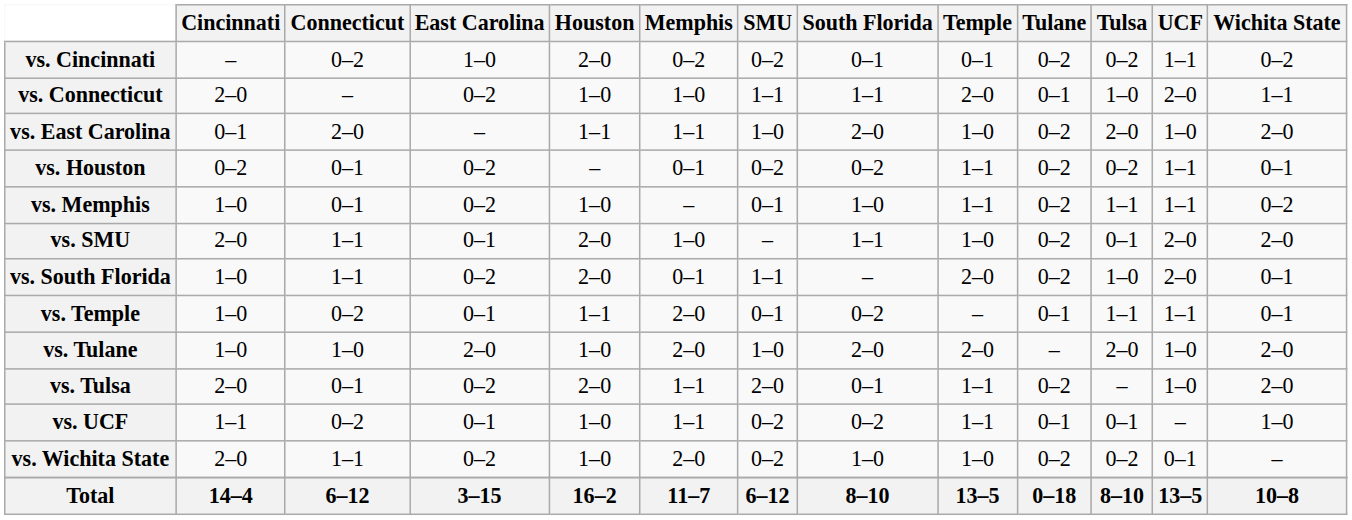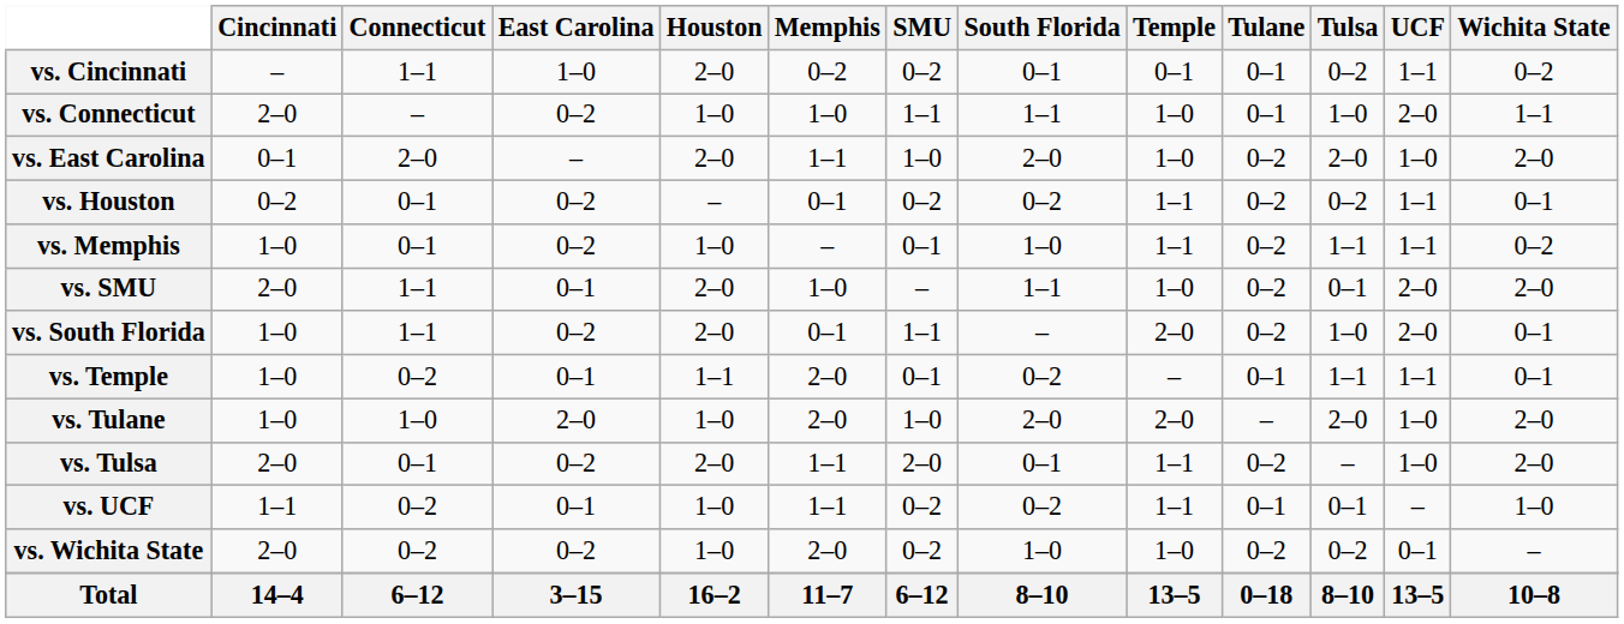 <table class="wikitable" style="white-space:nowrap;font-size:90%;">
 <tr>
 <th colspan=1 style="background:white; border-top-style:hidden; border-left-style:hidden;"   width=75> </th>
 <th>Cincinnati</th>
 <th>Connecticut</th>
 <th>East Carolina</th>
 <th>Houston</th>
 <th>Memphis</th>
 <th>SMU</th>
 <th>South Florida</th>
 <th>Temple</th>
 <th>Tulane</th>
 <th>Tulsa</th>
 <th>UCF</th>
 <th>Wichita State</th>
 </tr>
 <tr style="text-align:center;">
 <th>vs. Cincinnati</th>
 <td>–</td>
-<td>0–2</td>
+<td>1–1</td>
 <td>1–0</td>
 <td>2–0</td>
 <td>0–2</td>
 <td>0–2</td>
 <td>0–1</td>
 <td>0–1</td>
-<td>0–2</td>
+<td>0–1</td>
 <td>0–2</td>
 <td>1–1</td>
 <td>0–2</td>
 </tr>
 <tr style="text-align:center;">
 <th>vs. Connecticut</th>
 <td>2–0</td>
 <td>–</td>
 <td>0–2</td>
 <td>1–0</td>
 <td>1–0</td>
 <td>1–1</td>
 <td>1–1</td>
-<td>2–0</td>
+<td>1–0</td>
 <td>0–1</td>
 <td>1–0</td>
 <td>2–0</td>
 <td>1–1</td>
 </tr>
 <tr style="text-align:center;">
 <th>vs. East Carolina</th>
 <td>0–1</td>
 <td>2–0</td>
 <td>–</td>
-<td>1–1</td>
+<td>2–0</td>
 <td>1–1</td>
 <td>1–0</td>
 <td>2–0</td>
 <td>1–0</td>
 <td>0–2</td>
 <td>2–0</td>
 <td>1–0</td>
 <td>2–0</td>
 </tr>
 <tr style="text-align:center;">
 <th>vs. Houston</th>
 <td>0–2</td>
 <td>0–1</td>
 <td>0–2</td>
 <td>–</td>
 <td>0–1</td>
 <td>0–2</td>
 <td>0–2</td>
 <td>1–1</td>
 <td>0–2</td>
 <td>0–2</td>
 <td>1–1</td>
 <td>0–1</td>
 </tr>
 <tr style="text-align:center;">
 <th>vs. Memphis</th>
 <td>1–0</td>
 <td>0–1</td>
 <td>0–2</td>
 <td>1–0</td>
 <td>–</td>
 <td>0–1</td>
 <td>1–0</td>
 <td>1–1</td>
 <td>0–2</td>
 <td>1–1</td>
 <td>1–1</td>
 <td>0–2</td>
 </tr>
 <tr style="text-align:center;">
 <th>vs. SMU</th>
 <td>2–0</td>
 <td>1–1</td>
 <td>0–1</td>
 <td>2–0</td>
 <td>1–0</td>
 <td>–</td>
 <td>1–1</td>
 <td>1–0</td>
 <td>0–2</td>
 <td>0–1</td>
 <td>2–0</td>
 <td>2–0</td>
 </tr>
 <tr style="text-align:center;">
 <th>vs. South Florida</th>
 <td>1–0</td>
 <td>1–1</td>
 <td>0–2</td>
 <td>2–0</td>
 <td>0–1</td>
 <td>1–1</td>
 <td>–</td>
 <td>2–0</td>
 <td>0–2</td>
 <td>1–0</td>
 <td>2–0</td>
 <td>0–1</td>
 </tr>
 <tr style="text-align:center;">
 <th>vs. Temple</th>
 <td>1–0</td>
 <td>0–2</td>
 <td>0–1</td>
 <td>1–1</td>
 <td>2–0</td>
 <td>0–1</td>
 <td>0–2</td>
 <td>–</td>
 <td>0–1</td>
 <td>1–1</td>
 <td>1–1</td>
 <td>0–1</td>
 </tr>
 <tr style="text-align:center;">
 <th>vs. Tulane</th>
 <td>1–0</td>
 <td>1–0</td>
 <td>2–0</td>
 <td>1–0</td>
 <td>2–0</td>
 <td>1–0</td>
 <td>2–0</td>
 <td>2–0</td>
 <td>–</td>
 <td>2–0</td>
 <td>1–0</td>
 <td>2–0</td>
 </tr>
 <tr style="text-align:center;">
 <th>vs. Tulsa</th>
 <td>2–0</td>
 <td>0–1</td>
 <td>0–2</td>
 <td>2–0</td>
 <td>1–1</td>
 <td>2–0</td>
 <td>0–1</td>
 <td>1–1</td>
 <td>0–2</td>
 <td>–</td>
 <td>1–0</td>
 <td>2–0</td>
 </tr>
 <tr style="text-align:center;">
 <th>vs. UCF</th>
 <td>1–1</td>
 <td>0–2</td>
 <td>0–1</td>
 <td>1–0</td>
 <td>1–1</td>
 <td>0–2</td>
 <td>0–2</td>
 <td>1–1</td>
 <td>0–1</td>
 <td>0–1</td>
 <td>–</td>
 <td>1–0</td>
 </tr>
 <tr style="text-align:center;">
 <th>vs. Wichita State</th>
 <td>2–0</td>
-<td>1–1</td>
+<td>0–2</td>
 <td>0–2</td>
 <td>1–0</td>
 <td>2–0</td>
 <td>0–2</td>
 <td>1–0</td>
 <td>1–0</td>
 <td>0–2</td>
 <td>0–2</td>
 <td>0–1</td>
 <td>–</td>
 </tr>
 <tr style="text-align:center;">
 </tr>
 <tr style="text-align:center;">
 <th>Total</th>
 <th>14–4</th>
 <th>6–12</th>
 <th>3–15</th>
 <th>16–2</th>
 <th>11–7</th>
 <th>6–12</th>
 <th>8–10</th>
 <th>13–5</th>
 <th>0–18</th>
 <th>8–10</th>
 <th>13–5</th>
 <th>10–8</th>
 </tr>
 </table>
